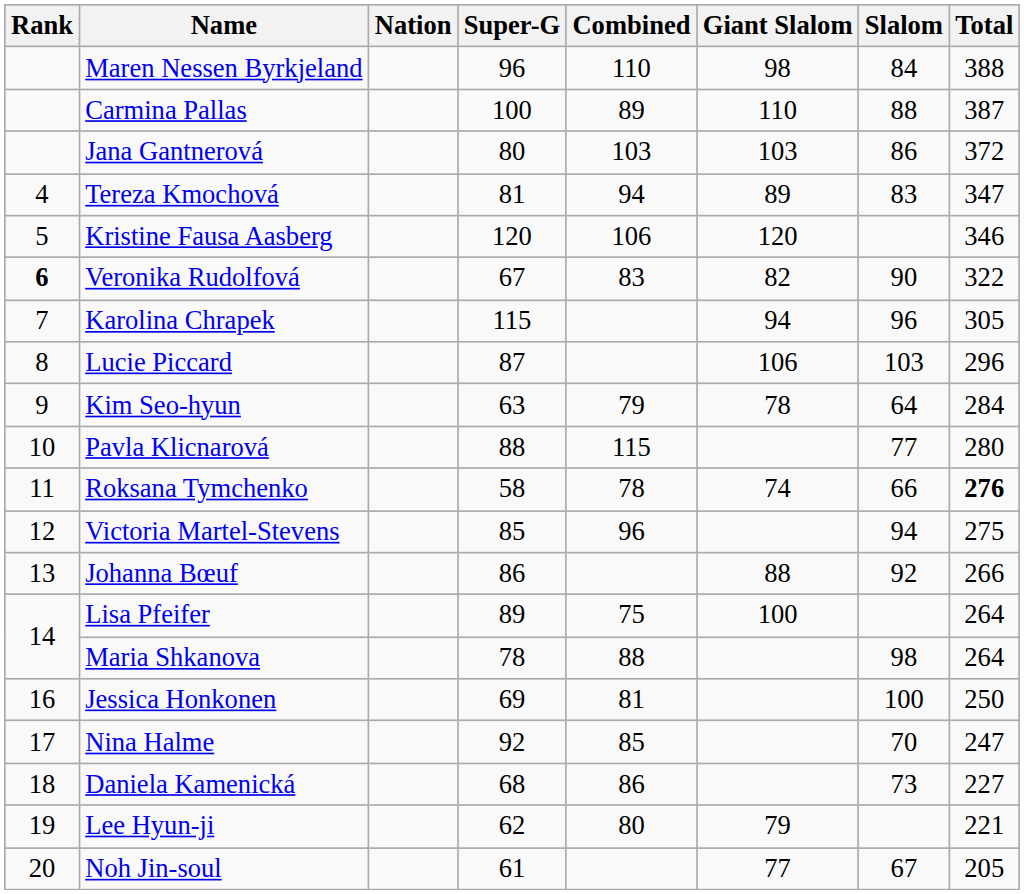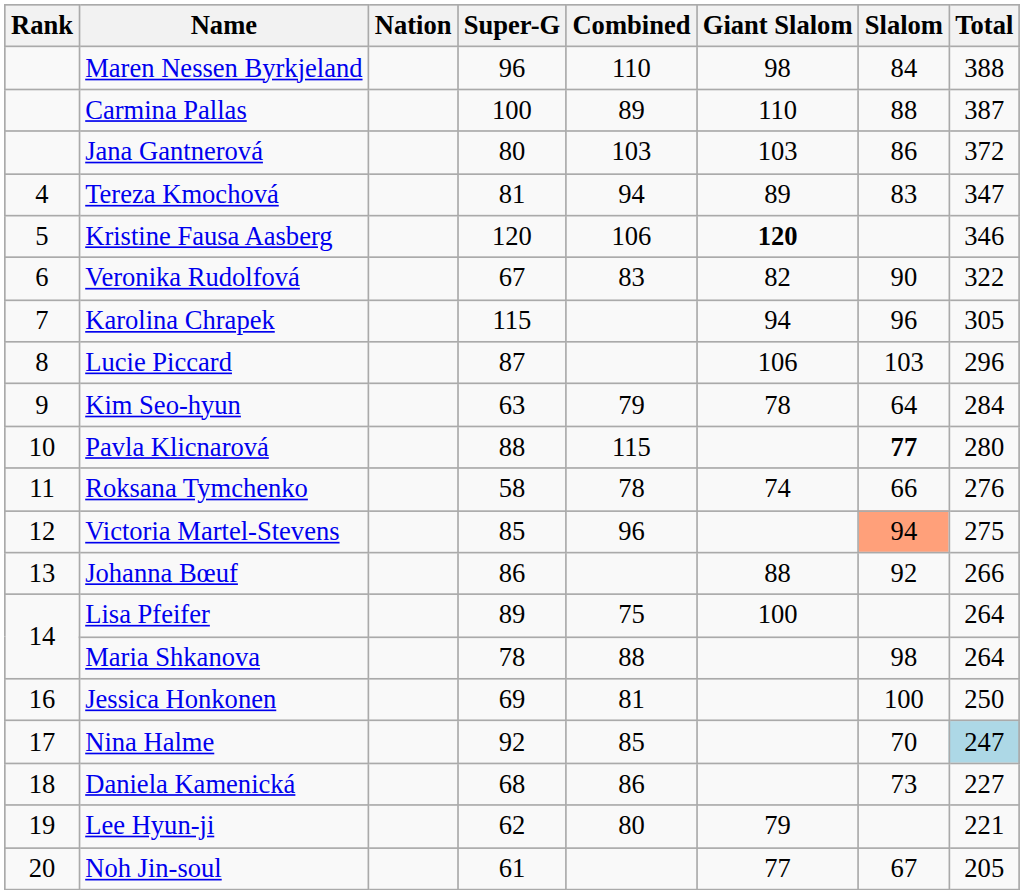 <table class="wikitable sortable" style="text-align:center">
 <tr>
 <th>Rank</th>
 <th>Name</th>
 <th>Nation</th>
 <th>Super-G</th>
 <th>Combined</th>
 <th>Giant Slalom</th>
 <th>Slalom</th>
 <th>Total</th>
 </tr>
 <tr>
 <td></td>
 <td align=left><a href='#'>Maren Nessen Byrkjeland</a></td>
 <td align=left></td>
 <td>96</td>
 <td>110</td>
 <td>98</td>
 <td>84</td>
 <td>388</td>
 </tr>
 <tr>
 <td></td>
 <td align=left><a href='#'>Carmina Pallas</a></td>
 <td align=left></td>
 <td>100</td>
 <td>89</td>
 <td>110</td>
 <td>88</td>
 <td>387</td>
 </tr>
 <tr>
 <td></td>
 <td align=left><a href='#'>Jana Gantnerová</a></td>
 <td align=left></td>
 <td>80</td>
 <td>103</td>
 <td>103</td>
 <td>86</td>
 <td>372</td>
 </tr>
 <tr>
 <td>4</td>
 <td align=left><a href='#'>Tereza Kmochová</a></td>
 <td align=left></td>
 <td>81</td>
 <td>94</td>
 <td>89</td>
 <td>83</td>
 <td>347</td>
 </tr>
 <tr>
 <td>5</td>
 <td align=left><a href='#'>Kristine Fausa Aasberg</a></td>
 <td align=left></td>
 <td>120</td>
 <td>106</td>
-<td>120</td>
+<td><strong>120</strong></td>
 <td></td>
 <td>346</td>
 </tr>
 <tr>
-<td><strong>6</strong></td>
+<td>6</td>
 <td align=left><a href='#'>Veronika Rudolfová</a></td>
 <td align=left></td>
 <td>67</td>
 <td>83</td>
 <td>82</td>
 <td>90</td>
 <td>322</td>
 </tr>
 <tr>
 <td>7</td>
 <td align=left><a href='#'>Karolina Chrapek</a></td>
 <td align=left></td>
 <td>115</td>
 <td></td>
 <td>94</td>
 <td>96</td>
 <td>305</td>
 </tr>
 <tr>
 <td>8</td>
 <td align=left><a href='#'>Lucie Piccard</a></td>
 <td align=left></td>
 <td>87</td>
 <td></td>
 <td>106</td>
 <td>103</td>
 <td>296</td>
 </tr>
 <tr>
 <td>9</td>
 <td align=left><a href='#'>Kim Seo-hyun</a></td>
 <td align=left></td>
 <td>63</td>
 <td>79</td>
 <td>78</td>
 <td>64</td>
 <td>284</td>
 </tr>
 <tr>
 <td>10</td>
 <td align=left><a href='#'>Pavla Klicnarová</a></td>
 <td align=left></td>
 <td>88</td>
 <td>115</td>
 <td></td>
-<td>77</td>
+<td><strong>77</strong></td>
 <td>280</td>
 </tr>
 <tr>
 <td>11</td>
 <td align=left><a href='#'>Roksana Tymchenko</a></td>
 <td align=left></td>
 <td>58</td>
 <td>78</td>
 <td>74</td>
 <td>66</td>
-<td><strong>276</strong></td>
+<td>276</td>
 </tr>
 <tr>
 <td>12</td>
 <td align=left><a href='#'>Victoria Martel-Stevens</a></td>
 <td align=left></td>
 <td>85</td>
 <td>96</td>
 <td></td>
-<td>94</td>
+<td style="background: lightsalmon;">94</td>
 <td>275</td>
 </tr>
 <tr>
 <td>13</td>
 <td align=left><a href='#'>Johanna Bœuf</a></td>
 <td align=left></td>
 <td>86</td>
 <td></td>
 <td>88</td>
 <td>92</td>
 <td>266</td>
 </tr>
 <tr>
 <td rowspan=2>14</td>
 <td align=left><a href='#'>Lisa Pfeifer</a></td>
 <td align=left></td>
 <td>89</td>
 <td>75</td>
 <td>100</td>
 <td></td>
 <td>264</td>
 </tr>
 <tr>
 <td align=left><a href='#'>Maria Shkanova</a></td>
 <td align=left></td>
 <td>78</td>
 <td>88</td>
 <td></td>
 <td>98</td>
 <td>264</td>
 </tr>
 <tr>
 <td>16</td>
 <td align=left><a href='#'>Jessica Honkonen</a></td>
 <td align=left></td>
 <td>69</td>
 <td>81</td>
 <td></td>
 <td>100</td>
 <td>250</td>
 </tr>
 <tr>
 <td>17</td>
 <td align=left><a href='#'>Nina Halme</a></td>
 <td align=left></td>
 <td>92</td>
 <td>85</td>
 <td></td>
 <td>70</td>
-<td>247</td>
+<td style="background: lightblue;">247</td>
 </tr>
 <tr>
 <td>18</td>
 <td align=left><a href='#'>Daniela Kamenická</a></td>
 <td align=left></td>
 <td>68</td>
 <td>86</td>
 <td></td>
 <td>73</td>
 <td>227</td>
 </tr>
 <tr>
 <td>19</td>
 <td align=left><a href='#'>Lee Hyun-ji</a></td>
 <td align=left></td>
 <td>62</td>
 <td>80</td>
 <td>79</td>
 <td></td>
 <td>221</td>
 </tr>
 <tr>
 <td>20</td>
 <td align=left><a href='#'>Noh Jin-soul</a></td>
 <td align=left></td>
 <td>61</td>
 <td></td>
 <td>77</td>
 <td>67</td>
 <td>205</td>
 </tr>
 </table>
